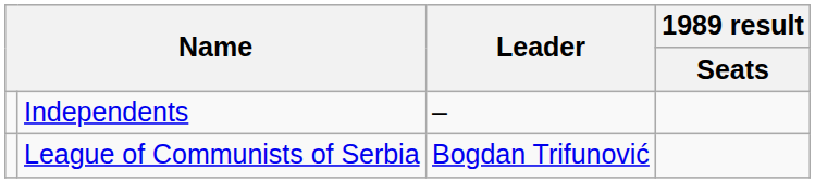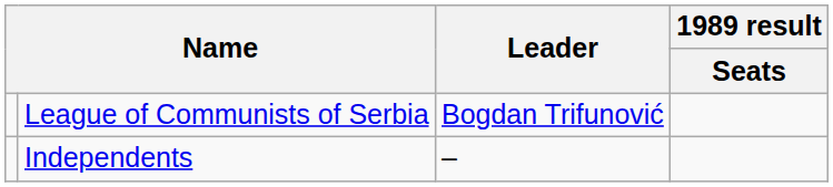 <table class="wikitable" style="text-align:left">
 <tr>
 <th colspan="2" rowspan="2">Name</th>
 <th rowspan="2">Leader</th>
 <th>1989 result</th>
 </tr>
 <tr>
 <th>Seats</th>
 </tr>
 <tr>
 <td style="background:"></td>
+<td><a href='#'>League of Communists of Serbia</a></td>
+<td><a href='#'>Bogdan Trifunović</a></td>
+<td></td>
+</tr>
+<tr>
+<td style="background:"></td>
 <td><a href='#'>Independents</a></td>
 <td>–</td>
 <td></td>
 </tr>
-<tr>
-<td style="background:"></td>
-<td><a href='#'>League of Communists of Serbia</a></td>
-<td><a href='#'>Bogdan Trifunović</a></td>
-<td></td>
-</tr>
 </table>
